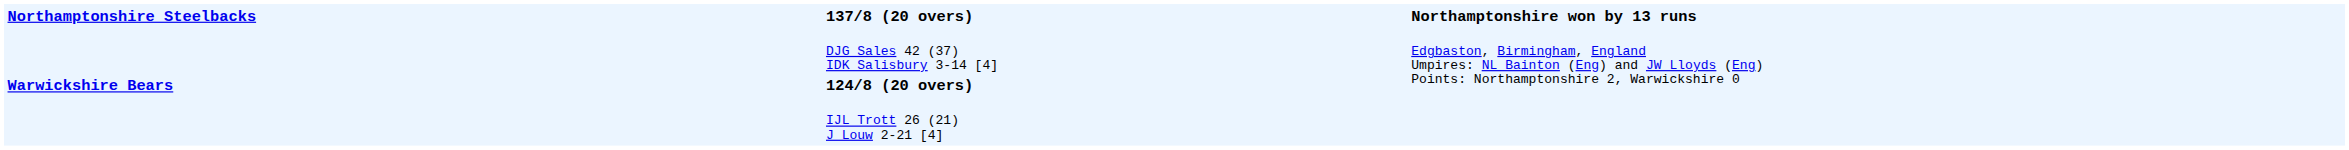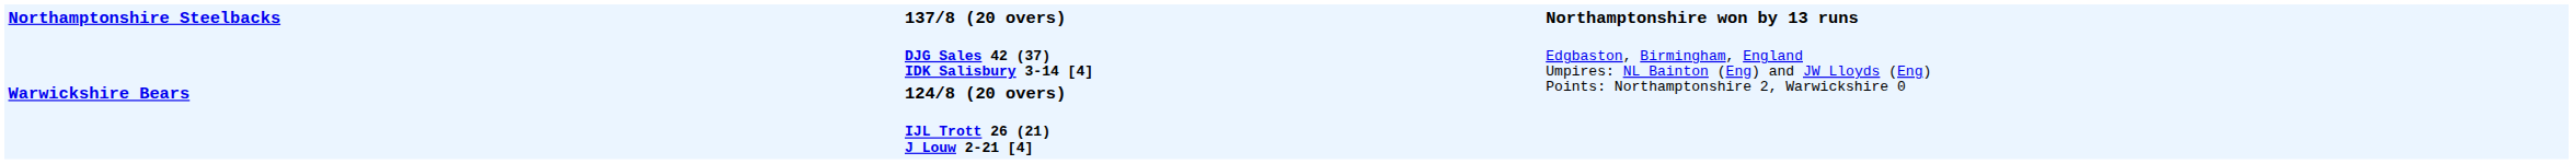 <table style="width:100%; background:#ebf5ff;">
 <tr>
 <td style="width:35%; vertical-align:top;" rowspan="2"><strong><a href='#'>Northamptonshire Steelbacks</a></strong></td>
 <td style="width:25%;"><strong>137/8 (20 overs)</strong></td>
 <td style="width:40%;"><strong>Northamptonshire won by 13 runs</strong></td>
 </tr>
 <tr>
-<td style="font-size: 85%;"><br><a href='#'>DJG Sales</a> 42 (37)<br> <a href='#'>IDK Salisbury</a> 3-14 [4]</td>
+<td style="font-size: 85%;"><strong><br><a href='#'>DJG Sales</a> 42 (37)<br> <a href='#'>IDK Salisbury</a> 3-14 [4]</strong></td>
 <td style="vertical-align:top; font-size:85%;" rowspan="3"><br><a href='#'>Edgbaston</a>, <a href='#'>Birmingham</a>, <a href='#'>England</a><br> Umpires: <a href='#'>NL Bainton</a> (<a href='#'>Eng</a>) and <a href='#'>JW Lloyds</a> (<a href='#'>Eng</a>)<br> Points: Northamptonshire 2, Warwickshire 0</td>
 </tr>
 <tr>
 <td style="vertical-align:top;" rowspan="2"><strong><a href='#'>Warwickshire Bears</a></strong></td>
 <td><strong>124/8 (20 overs)</strong></td>
 </tr>
 <tr>
-<td style="font-size: 85%;"><br><a href='#'>IJL Trott</a> 26 (21)<br> <a href='#'>J Louw</a> 2-21 [4]</td>
+<td style="font-size: 85%;"><strong><br><a href='#'>IJL Trott</a> 26 (21)<br> <a href='#'>J Louw</a> 2-21 [4]</strong></td>
 </tr>
 </table>
